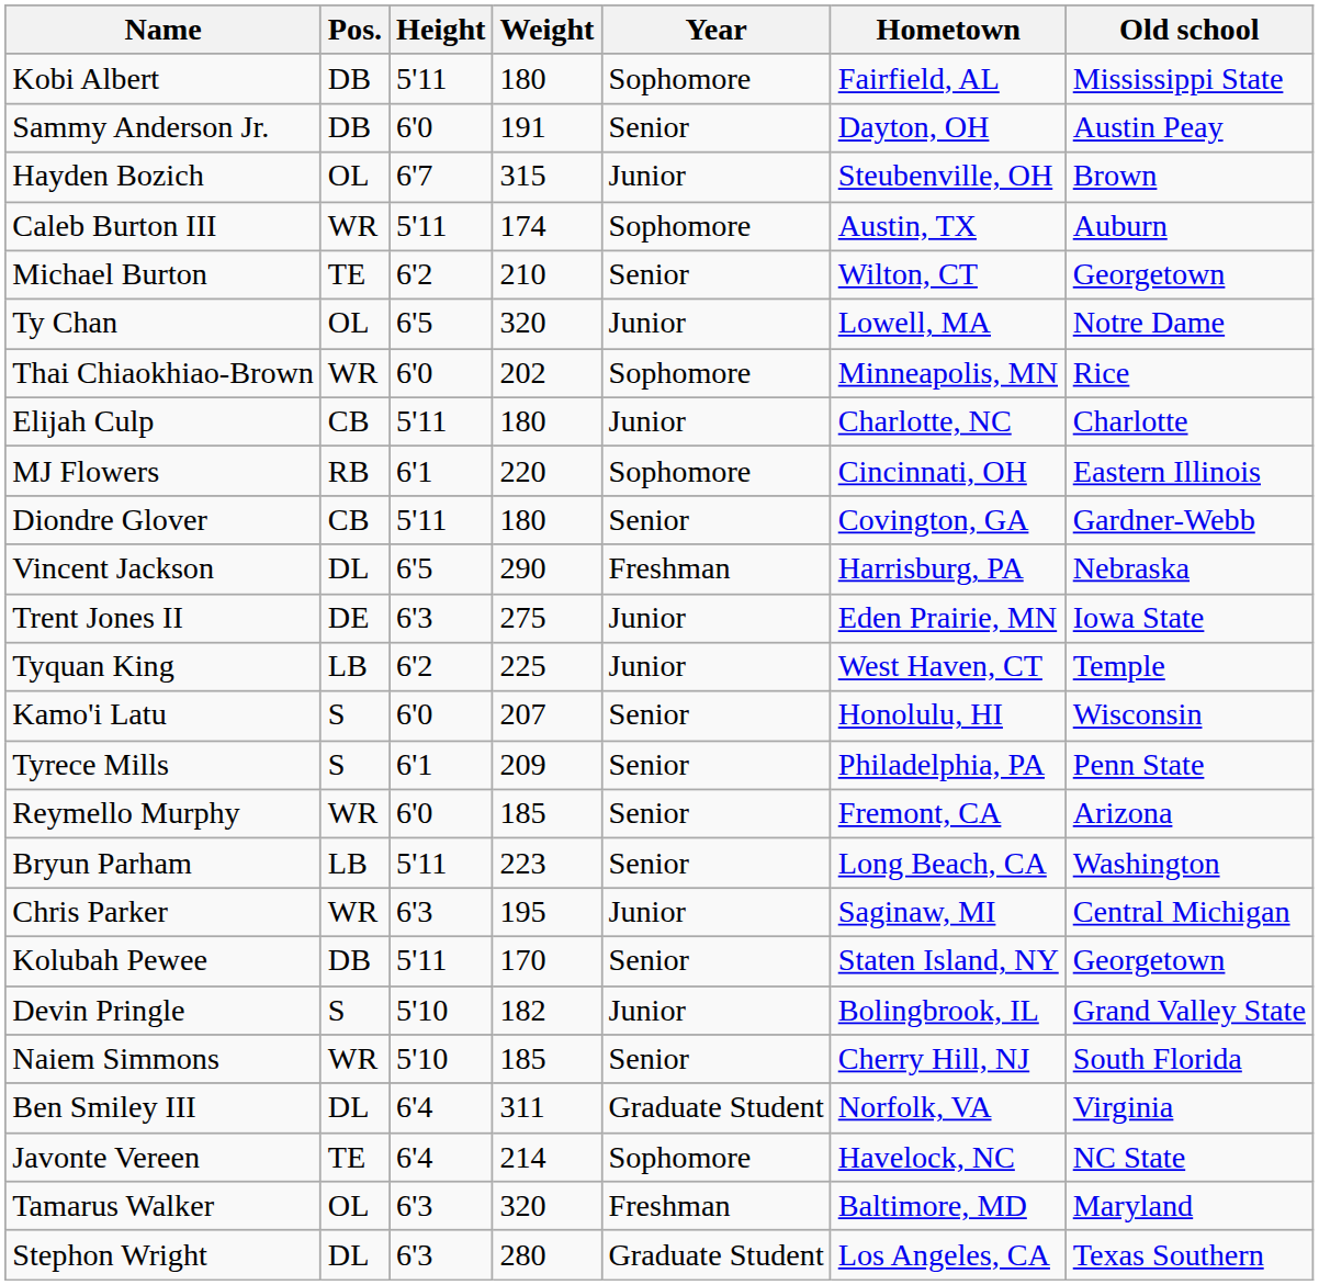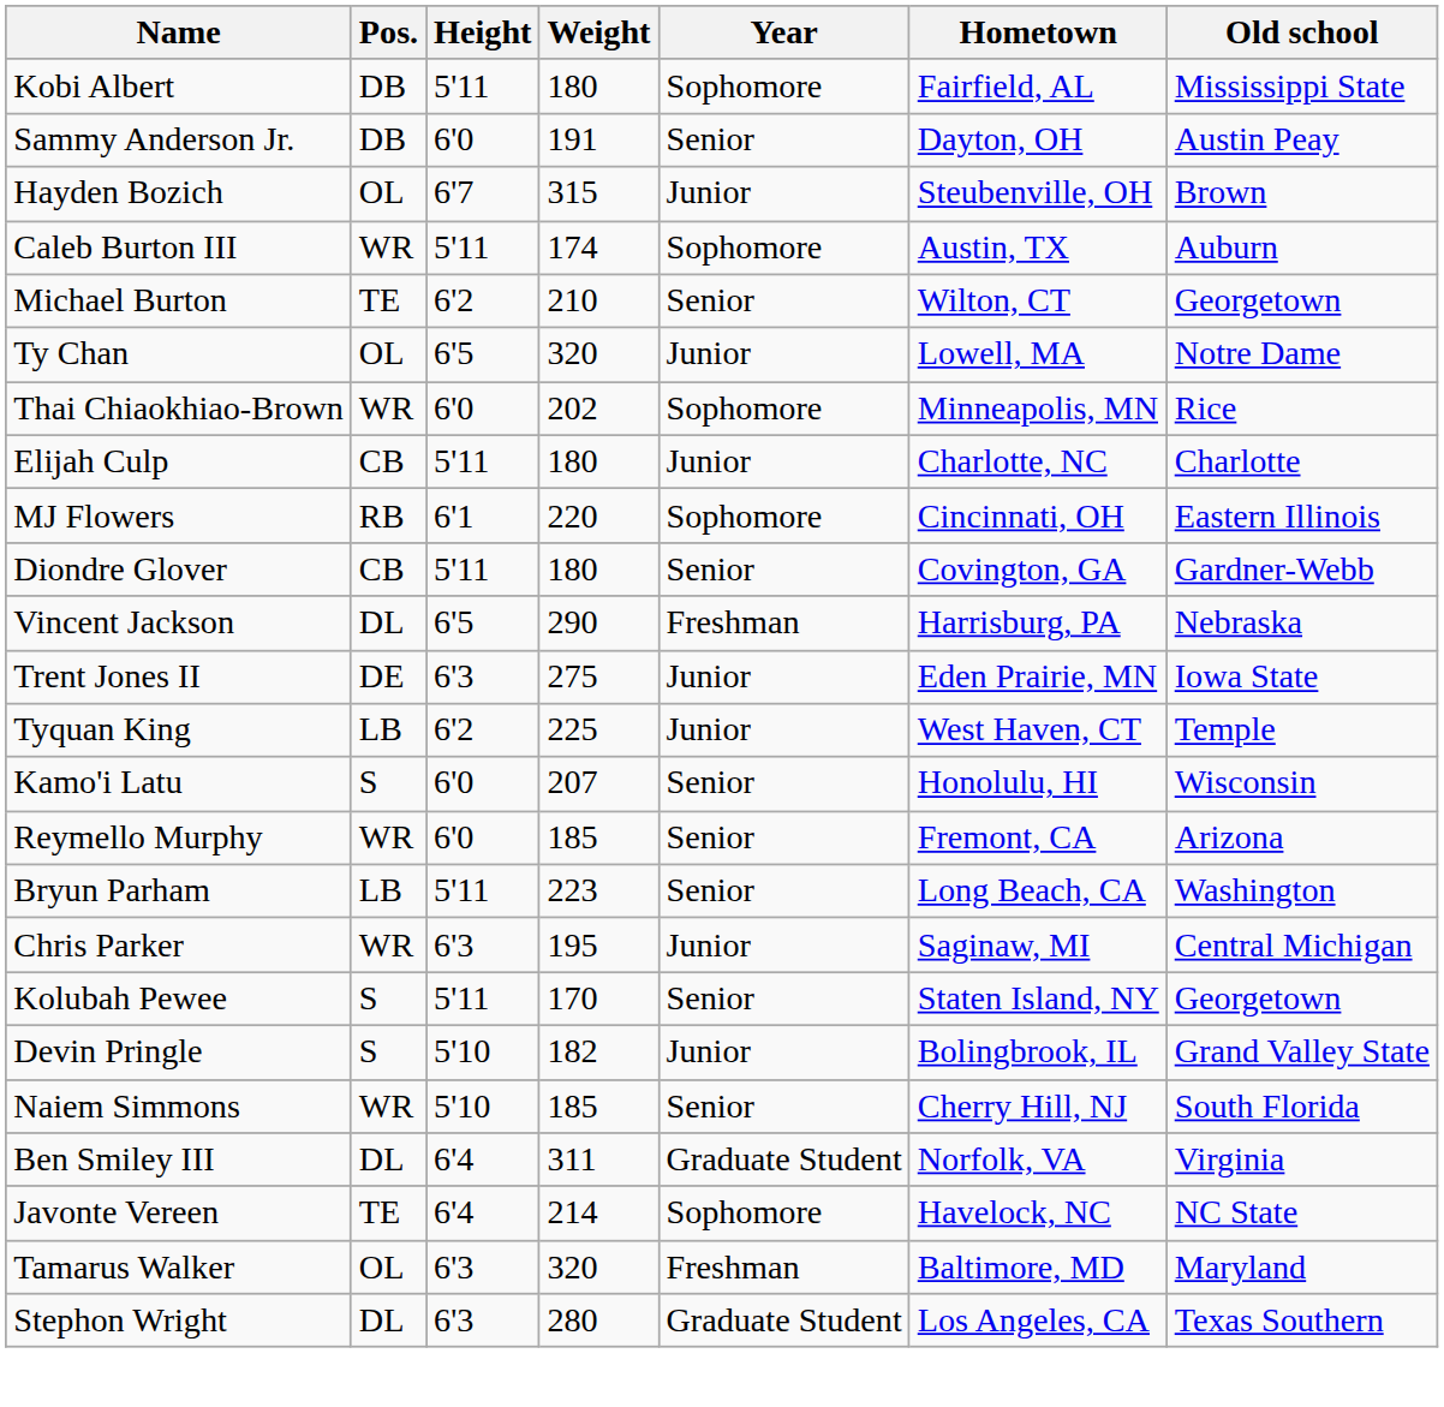 <table class="wikitable sortable">
 <tr>
 <th style="text-align:center; ">Name</th>
 <th style="text-align:center;">Pos.</th>
 <th style="text-align:center; ">Height</th>
 <th style="text-align:center; ">Weight</th>
 <th style="text-align:center; ">Year</th>
 <th style="text-align:center; ">Hometown</th>
 <th style="text-align:center; ">Old school</th>
 </tr>
 <tr>
 <td>Kobi Albert</td>
 <td>DB</td>
 <td>5'11</td>
 <td>180</td>
 <td> Sophomore</td>
 <td><a href='#'>Fairfield, AL</a></td>
 <td><a href='#'>Mississippi State</a></td>
 </tr>
 <tr>
 <td>Sammy Anderson Jr.</td>
 <td>DB</td>
 <td>6'0</td>
 <td>191</td>
 <td> Senior</td>
 <td><a href='#'>Dayton, OH</a></td>
 <td><a href='#'>Austin Peay</a></td>
 </tr>
 <tr>
 <td>Hayden Bozich</td>
 <td>OL</td>
 <td>6'7</td>
 <td>315</td>
 <td>Junior</td>
 <td><a href='#'>Steubenville, OH</a></td>
 <td><a href='#'>Brown</a></td>
 </tr>
 <tr>
 <td>Caleb Burton III</td>
 <td>WR</td>
 <td>5'11</td>
 <td>174</td>
 <td>Sophomore</td>
 <td><a href='#'>Austin, TX</a></td>
 <td><a href='#'>Auburn</a></td>
 </tr>
 <tr>
 <td>Michael Burton</td>
 <td>TE</td>
 <td>6'2</td>
 <td>210</td>
 <td>Senior</td>
 <td><a href='#'>Wilton, CT</a></td>
 <td><a href='#'>Georgetown</a></td>
 </tr>
 <tr>
 <td>Ty Chan</td>
 <td>OL</td>
 <td>6'5</td>
 <td>320</td>
 <td> Junior</td>
 <td><a href='#'>Lowell, MA</a></td>
 <td><a href='#'>Notre Dame</a></td>
 </tr>
 <tr>
 <td>Thai Chiaokhiao-Brown</td>
 <td>WR</td>
 <td>6'0</td>
 <td>202</td>
 <td>Sophomore</td>
 <td><a href='#'>Minneapolis, MN</a></td>
 <td><a href='#'>Rice</a></td>
 </tr>
 <tr>
 <td>Elijah Culp</td>
 <td>CB</td>
 <td>5'11</td>
 <td>180</td>
 <td> Junior</td>
 <td><a href='#'>Charlotte, NC</a></td>
 <td><a href='#'>Charlotte</a></td>
 </tr>
 <tr>
 <td>MJ Flowers</td>
 <td>RB</td>
 <td>6'1</td>
 <td>220</td>
 <td> Sophomore</td>
 <td><a href='#'>Cincinnati, OH</a></td>
 <td><a href='#'>Eastern Illinois</a></td>
 </tr>
 <tr>
 <td>Diondre Glover</td>
 <td>CB</td>
 <td>5'11</td>
 <td>180</td>
 <td> Senior</td>
 <td><a href='#'>Covington, GA</a></td>
 <td><a href='#'>Gardner-Webb</a></td>
 </tr>
 <tr>
 <td>Vincent Jackson</td>
 <td>DL</td>
 <td>6'5</td>
 <td>290</td>
 <td> Freshman</td>
 <td><a href='#'>Harrisburg, PA</a></td>
 <td><a href='#'>Nebraska</a></td>
 </tr>
 <tr>
 <td>Trent Jones II</td>
 <td>DE</td>
 <td>6'3</td>
 <td>275</td>
 <td> Junior</td>
 <td><a href='#'>Eden Prairie, MN</a></td>
 <td><a href='#'>Iowa State</a></td>
 </tr>
 <tr>
 <td>Tyquan King</td>
 <td>LB</td>
 <td>6'2</td>
 <td>225</td>
 <td> Junior</td>
 <td><a href='#'>West Haven, CT</a></td>
 <td><a href='#'>Temple</a></td>
 </tr>
 <tr>
 <td>Kamo'i Latu</td>
 <td>S</td>
 <td>6'0</td>
 <td>207</td>
 <td>Senior</td>
 <td><a href='#'>Honolulu, HI</a></td>
 <td><a href='#'>Wisconsin</a></td>
 </tr>
 <tr>
-<td>Tyrece Mills</td>
-<td>S</td>
-<td>6'1</td>
-<td>209</td>
-<td>Senior</td>
-<td><a href='#'>Philadelphia, PA</a></td>
-<td><a href='#'>Penn State</a></td>
-</tr>
-<tr>
 <td>Reymello Murphy</td>
 <td>WR</td>
 <td>6'0</td>
 <td>185</td>
 <td>Senior</td>
 <td><a href='#'>Fremont, CA</a></td>
 <td><a href='#'>Arizona</a></td>
 </tr>
 <tr>
 <td>Bryun Parham</td>
 <td>LB</td>
 <td>5'11</td>
 <td>223</td>
 <td>Senior</td>
 <td><a href='#'>Long Beach, CA</a></td>
 <td><a href='#'>Washington</a></td>
 </tr>
 <tr>
 <td>Chris Parker</td>
 <td>WR</td>
 <td>6'3</td>
 <td>195</td>
 <td> Junior</td>
 <td><a href='#'>Saginaw, MI</a></td>
 <td><a href='#'>Central Michigan</a></td>
 </tr>
 <tr>
 <td>Kolubah Pewee</td>
-<td>DB</td>
+<td>S</td>
 <td>5'11</td>
 <td>170</td>
 <td> Senior</td>
 <td><a href='#'>Staten Island, NY</a></td>
 <td><a href='#'>Georgetown</a></td>
 </tr>
 <tr>
 <td>Devin Pringle</td>
 <td>S</td>
 <td>5'10</td>
 <td>182</td>
 <td>Junior</td>
 <td><a href='#'>Bolingbrook, IL</a></td>
 <td><a href='#'>Grand Valley State</a></td>
 </tr>
 <tr>
 <td>Naiem Simmons</td>
 <td>WR</td>
 <td>5'10</td>
 <td>185</td>
 <td>Senior</td>
 <td><a href='#'>Cherry Hill, NJ</a></td>
 <td><a href='#'>South Florida</a></td>
 </tr>
 <tr>
 <td>Ben Smiley III</td>
 <td>DL</td>
 <td>6'4</td>
 <td>311</td>
 <td>Graduate Student</td>
 <td><a href='#'>Norfolk, VA</a></td>
 <td><a href='#'>Virginia</a></td>
 </tr>
 <tr>
 <td>Javonte Vereen</td>
 <td>TE</td>
 <td>6'4</td>
 <td>214</td>
 <td>Sophomore</td>
 <td><a href='#'>Havelock, NC</a></td>
 <td><a href='#'>NC State</a></td>
 </tr>
 <tr>
 <td>Tamarus Walker</td>
 <td>OL</td>
 <td>6'3</td>
 <td>320</td>
 <td> Freshman</td>
 <td><a href='#'>Baltimore, MD</a></td>
 <td><a href='#'>Maryland</a></td>
 </tr>
 <tr>
 <td>Stephon Wright</td>
 <td>DL</td>
 <td>6'3</td>
 <td>280</td>
 <td>Graduate Student</td>
 <td><a href='#'>Los Angeles, CA</a></td>
 <td><a href='#'>Texas Southern</a></td>
 </tr>
 </table>
